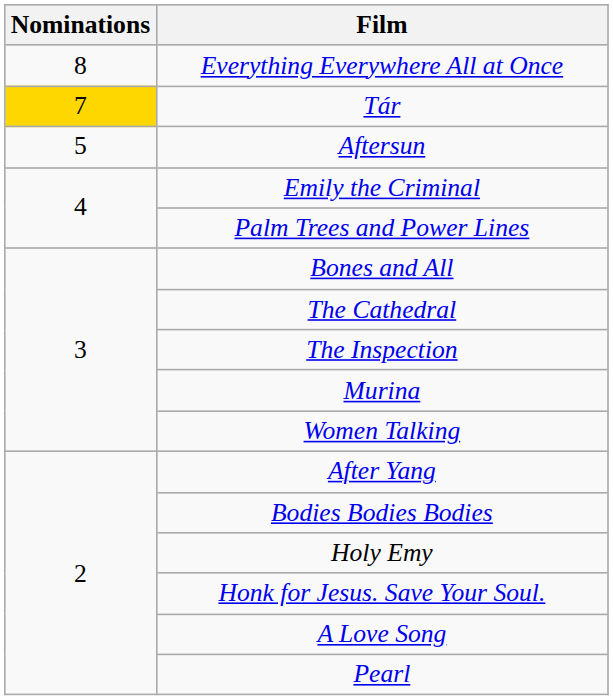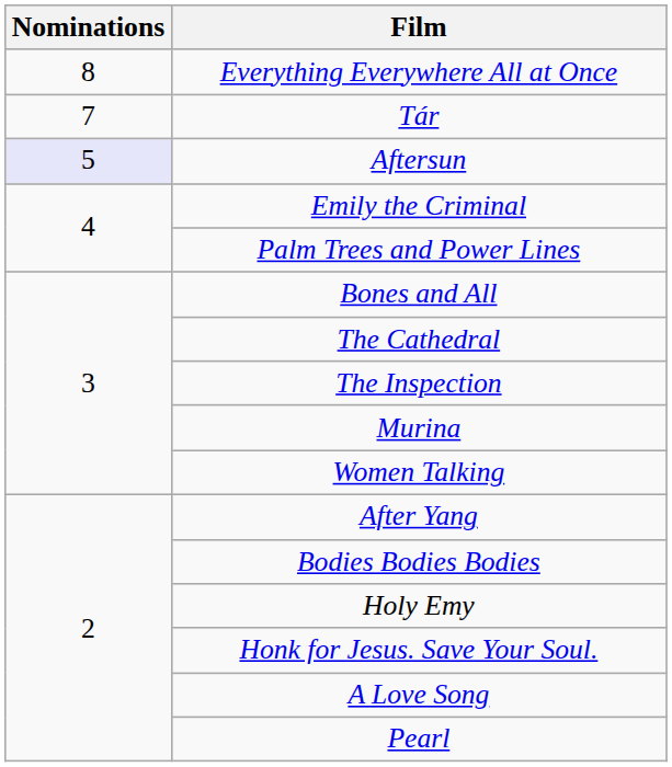 <table class="wikitable" rowspan=2 border=2 style="text-align:center;">
 <tr>
 <th scope="col" width="50">Nominations</th>
 <th scope="col" width="275">Film</th>
 </tr>
 <tr>
 <td>8</td>
 <td><em><a href='#'>Everything Everywhere All at Once</a></em></td>
 </tr>
 <tr>
-<td style="background: gold;">7</td>
+<td>7</td>
 <td><em><a href='#'>Tár</a></em></td>
 </tr>
 <tr>
-<td>5</td>
+<td style="background: lavender;">5</td>
 <td><em><a href='#'>Aftersun</a></em></td>
 </tr>
 <tr>
 <td rowspan="2">4</td>
 <td><em><a href='#'>Emily the Criminal</a></em></td>
 </tr>
 <tr>
 <td><em><a href='#'>Palm Trees and Power Lines</a></em></td>
 </tr>
 <tr>
 <td rowspan="5">3</td>
 <td><em><a href='#'>Bones and All</a></em></td>
 </tr>
 <tr>
 <td><em><a href='#'>The Cathedral</a></em></td>
 </tr>
 <tr>
 <td><em><a href='#'>The Inspection</a></em></td>
 </tr>
 <tr>
 <td><em><a href='#'>Murina</a></em></td>
 </tr>
 <tr>
 <td><em><a href='#'>Women Talking</a></em></td>
 </tr>
 <tr>
 <td rowspan="6">2</td>
 <td><em><a href='#'>After Yang</a></em></td>
 </tr>
 <tr>
 <td><em><a href='#'>Bodies Bodies Bodies</a></em></td>
 </tr>
 <tr>
 <td><em>Holy Emy</em></td>
 </tr>
 <tr>
 <td><em><a href='#'>Honk for Jesus. Save Your Soul.</a></em></td>
 </tr>
 <tr>
 <td><em><a href='#'>A Love Song</a></em></td>
 </tr>
 <tr>
 <td><em><a href='#'>Pearl</a></em></td>
 </tr>
 </table>
